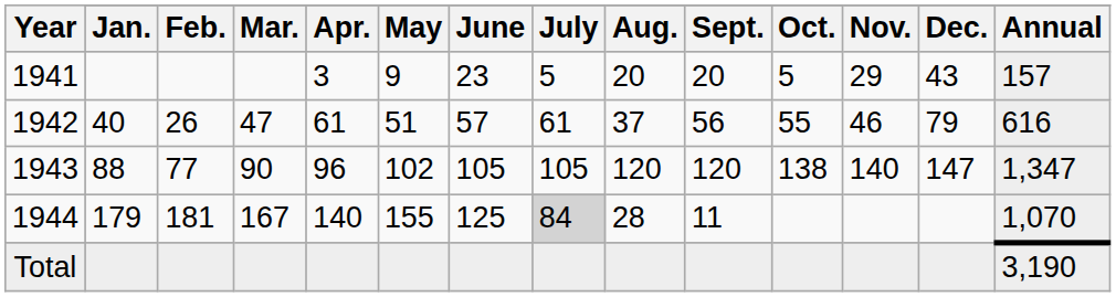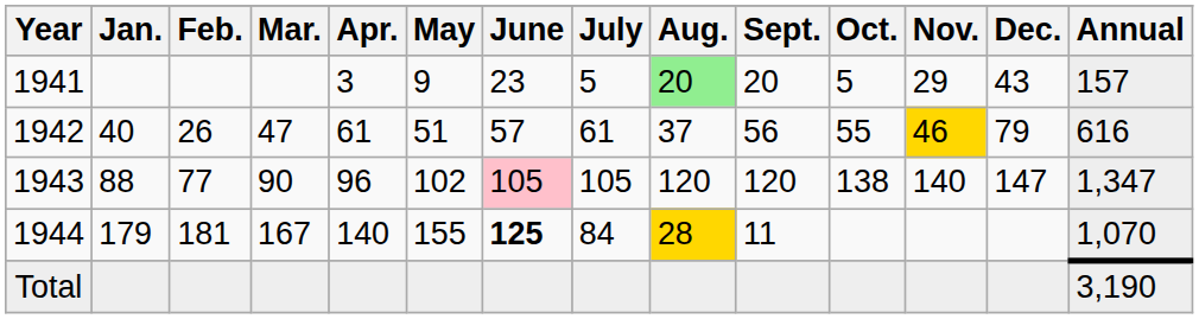 <table class="wikitable">
 <tr>
 <th rowspan=2>Year</th>
 </tr>
 <tr>
 <th>Jan.</th>
 <th>Feb.</th>
 <th>Mar.</th>
 <th>Apr.</th>
 <th>May</th>
 <th>June</th>
 <th>July</th>
 <th>Aug.</th>
 <th>Sept.</th>
 <th>Oct.</th>
 <th>Nov.</th>
 <th>Dec.</th>
 <th>Annual</th>
 </tr>
 <tr>
 <td style="text-align:center">1941</td>
 <td></td>
 <td></td>
 <td></td>
 <td>3</td>
 <td>9</td>
 <td>23</td>
 <td>5</td>
-<td>20</td>
+<td style="background: lightgreen;">20</td>
 <td>20</td>
 <td>5</td>
 <td>29</td>
 <td>43</td>
 <td style="background: #eee;">157</td>
 </tr>
 <tr>
 <td style="text-align:center">1942</td>
 <td>40</td>
 <td>26</td>
 <td>47</td>
 <td>61</td>
 <td>51</td>
 <td>57</td>
 <td>61</td>
 <td>37</td>
 <td>56</td>
 <td>55</td>
-<td>46</td>
+<td style="background: gold;">46</td>
 <td>79</td>
 <td style="background: #eee;">616</td>
 </tr>
 <tr>
 <td style="text-align:center">1943</td>
 <td>88</td>
 <td>77</td>
 <td>90</td>
 <td>96</td>
 <td>102</td>
-<td>105</td>
+<td style="background: pink;">105</td>
 <td>105</td>
 <td>120</td>
 <td>120</td>
 <td>138</td>
 <td>140</td>
 <td>147</td>
 <td style="background: #eee;">1,347</td>
 </tr>
 <tr>
 <td style="text-align:center">1944</td>
 <td>179</td>
 <td>181</td>
 <td>167</td>
 <td>140</td>
 <td>155</td>
-<td>125</td>
-<td style="background: lightgrey;">84</td>
-<td>28</td>
+<td><strong>125</strong></td>
+<td>84</td>
+<td style="background: gold;">28</td>
 <td>11</td>
 <td></td>
 <td></td>
 <td></td>
 <td style="background: #eee;">1,070</td>
 </tr>
 <tr style="background: #eee;">
 <td style="text-align:center">Total</td>
 <td></td>
 <td></td>
 <td></td>
 <td></td>
 <td></td>
 <td></td>
 <td></td>
 <td></td>
 <td></td>
 <td></td>
 <td></td>
 <td></td>
 <td style="border-top: black solid">3,190</td>
 </tr>
 </table>
